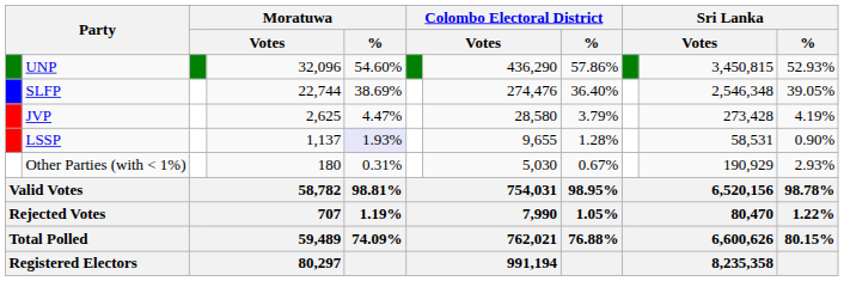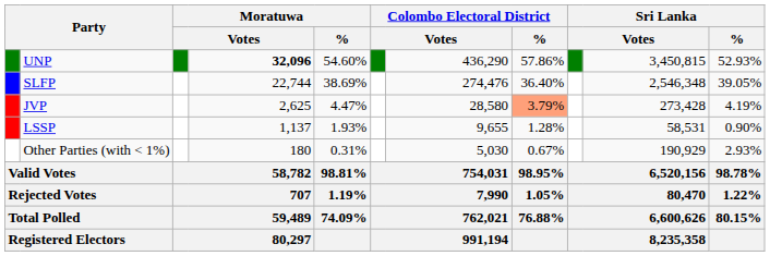 <table class="wikitable">
 <tr>
 <th colspan="2" width="144px"rowspan="2">Party</th>
 <th colspan="3" width="216px">Moratuwa</th>
 <th colspan="3" width="216px"><a href='#'>Colombo Electoral District</a></th>
 <th colspan="3" width="216px">Sri Lanka</th>
 </tr>
 <tr>
 <th colspan="2" width="144px">Votes</th>
 <th>%</th>
 <th colspan="2" width="144px">Votes</th>
 <th>%</th>
 <th colspan="2" width="144px">Votes</th>
 <th>%</th>
 </tr>
 <tr>
 <td style="background-color:green;" width="10px"></td>
 <td style="text-align:left;"><a href='#'>UNP</a></td>
 <td style="background-color:green;" width="10px"></td>
-<td style="text-align:right;">32,096</td>
+<td style="text-align:right;"><strong>32,096</strong></td>
 <td style="text-align:right;">54.60%</td>
 <td style="background-color:green;" width="10px"></td>
 <td style="text-align:right;">436,290</td>
 <td style="text-align:right;">57.86%</td>
 <td style="background-color:green;" width="10px"></td>
 <td style="text-align:right;">3,450,815</td>
 <td style="text-align:right;">52.93%</td>
 </tr>
 <tr>
 <td style="background-color:blue;" width="10px"></td>
 <td style="text-align:left;"><a href='#'>SLFP</a></td>
 <td style="background-color:white;" width="10px"></td>
 <td style="text-align:right;">22,744</td>
 <td style="text-align:right;">38.69%</td>
 <td style="background-color:white;" width="10px"></td>
 <td style="text-align:right;">274,476</td>
 <td style="text-align:right;">36.40%</td>
 <td style="background-color:white;" width="10px"></td>
 <td style="text-align:right;">2,546,348</td>
 <td style="text-align:right;">39.05%</td>
 </tr>
 <tr>
 <td style="background-color:red;" width="10px"></td>
 <td style="text-align:left;"><a href='#'>JVP</a></td>
 <td style="background-color:white;" width="10px"></td>
 <td style="text-align:right;">2,625</td>
 <td style="text-align:right;">4.47%</td>
 <td style="background-color:white;" width="10px"></td>
 <td style="text-align:right;">28,580</td>
-<td style="text-align:right;">3.79%</td>
+<td style="background: lightsalmon; text-align:right;">3.79%</td>
 <td style="background-color:white;" width="10px"></td>
 <td style="text-align:right;">273,428</td>
 <td style="text-align:right;">4.19%</td>
 </tr>
 <tr>
 <td style="background-color:red;" width="10px"></td>
 <td style="text-align:left;"><a href='#'>LSSP</a></td>
 <td style="background-color:white;" width="10px"></td>
 <td style="text-align:right;">1,137</td>
-<td style="background: lavender; text-align:right;">1.93%</td>
+<td style="text-align:right;">1.93%</td>
 <td style="background-color:white;" width="10px"></td>
 <td style="text-align:right;">9,655</td>
 <td style="text-align:right;">1.28%</td>
 <td style="background-color:white;" width="10px"></td>
 <td style="text-align:right;">58,531</td>
 <td style="text-align:right;">0.90%</td>
 </tr>
 <tr>
 <td style="background-color:white;" width="10px"></td>
 <td style="text-align:left;">Other Parties (with < 1%)</td>
 <td style="background-color:white;" width="10px"></td>
 <td style="text-align:right;">180</td>
 <td style="text-align:right;">0.31%</td>
 <td style="background-color:white;" width="10px"></td>
 <td style="text-align:right;">5,030</td>
 <td style="text-align:right;">0.67%</td>
 <td style="background-color:white;" width="10px"></td>
 <td style="text-align:right;">190,929</td>
 <td style="text-align:right;">2.93%</td>
 </tr>
 <tr>
 <th colspan="2" width="144px"style="text-align:left;">Valid Votes</th>
 <th style="text-align:right;"colspan="2" width="144px">58,782</th>
 <th style="text-align:right;">98.81%</th>
 <th style="text-align:right;"colspan="2" width="144px">754,031</th>
 <th style="text-align:right;">98.95%</th>
 <th style="text-align:right;"colspan="2" width="144px">6,520,156</th>
 <th style="text-align:right;">98.78%</th>
 </tr>
 <tr>
 <th colspan="2" width="144px"style="text-align:left;">Rejected Votes</th>
 <th style="text-align:right;"colspan="2" width="144px">707</th>
 <th style="text-align:right;">1.19%</th>
 <th style="text-align:right;"colspan="2" width="144px">7,990</th>
 <th style="text-align:right;">1.05%</th>
 <th style="text-align:right;"colspan="2" width="144px">80,470</th>
 <th style="text-align:right;">1.22%</th>
 </tr>
 <tr>
 <th colspan="2" width="144px"style="text-align:left;">Total Polled</th>
 <th style="text-align:right;"colspan="2" width="144px">59,489</th>
 <th style="text-align:right;">74.09%</th>
 <th style="text-align:right;"colspan="2" width="144px">762,021</th>
 <th style="text-align:right;">76.88%</th>
 <th style="text-align:right;"colspan="2" width="144px">6,600,626</th>
 <th style="text-align:right;">80.15%</th>
 </tr>
 <tr>
 <th colspan="2" width="144px"style="text-align:left;">Registered Electors</th>
 <th style="text-align:right;"colspan="2" width="144px">80,297</th>
 <th></th>
 <th style="text-align:right;"colspan="2" width="144px">991,194</th>
 <th></th>
 <th style="text-align:right;"colspan="2" width="144px">8,235,358</th>
 <th></th>
 </tr>
 </table>
